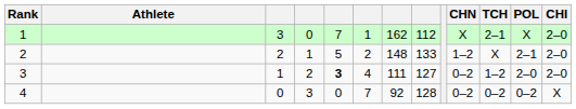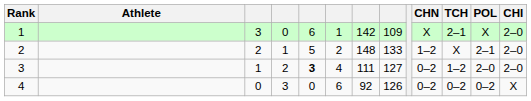 <table class="wikitable" style="text-align:center">
 <tr>
 <th>Rank</th>
 <th width=280>Athlete</th>
 <th width=30></th>
 <th width=30></th>
 <th width=30></th>
 <th width=30></th>
 <th width=30></th>
 <th width=30></th>
 <th rowspan=5></th>
 <th width=30>CHN</th>
 <th width=30>TCH</th>
 <th width=30>POL</th>
 <th width=30>CHI</th>
 </tr>
 <tr style="background-color:#ccffcc;">
 <td>1</td>
 <td align=left></td>
 <td>3</td>
 <td>0</td>
-<td>7</td>
+<td>6</td>
 <td>1</td>
-<td>162</td>
-<td>112</td>
+<td>142</td>
+<td>109</td>
 <td>X</td>
 <td>2–1</td>
 <td>X</td>
 <td>2–0</td>
 </tr>
 <tr>
 <td>2</td>
 <td align=left></td>
 <td>2</td>
 <td>1</td>
 <td>5</td>
 <td>2</td>
 <td>148</td>
 <td>133</td>
 <td>1–2</td>
 <td>X</td>
 <td>2–1</td>
 <td>2–0</td>
 </tr>
 <tr>
 <td>3</td>
 <td align=left></td>
 <td>1</td>
 <td>2</td>
 <td><strong>3</strong></td>
 <td>4</td>
 <td>111</td>
 <td>127</td>
 <td>0–2</td>
 <td>1–2</td>
 <td>2–0</td>
 <td>2–0</td>
 </tr>
 <tr>
 <td>4</td>
 <td align=left></td>
 <td>0</td>
 <td>3</td>
 <td>0</td>
-<td>7</td>
+<td>6</td>
 <td>92</td>
-<td>128</td>
+<td>126</td>
 <td>0–2</td>
 <td>0–2</td>
 <td>0–2</td>
 <td>X</td>
 </tr>
 </table>
